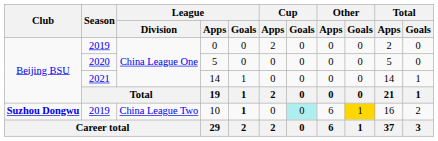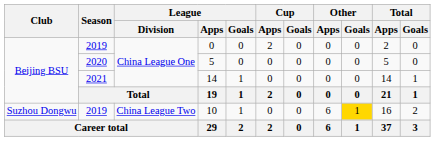 <table class="wikitable" style="text-align: center">
 <tr>
 <th rowspan="2">Club</th>
 <th rowspan="2">Season</th>
 <th colspan="3">League</th>
 <th colspan="2">Cup</th>
 <th colspan="2">Other</th>
 <th colspan="2">Total</th>
 </tr>
 <tr>
 <th>Division</th>
 <th>Apps</th>
 <th>Goals</th>
 <th>Apps</th>
 <th>Goals</th>
 <th>Apps</th>
 <th>Goals</th>
 <th>Apps</th>
 <th>Goals</th>
 </tr>
 <tr>
 <td rowspan="4"><a href='#'>Beijing BSU</a></td>
 <td><a href='#'>2019</a></td>
 <td rowspan="3"><a href='#'>China League One</a></td>
 <td>0</td>
 <td>0</td>
 <td>2</td>
 <td>0</td>
 <td>0</td>
 <td>0</td>
 <td>2</td>
 <td>0</td>
 </tr>
 <tr>
 <td><a href='#'>2020</a></td>
 <td>5</td>
 <td>0</td>
 <td>0</td>
 <td>0</td>
 <td>0</td>
 <td>0</td>
 <td>5</td>
 <td>0</td>
 </tr>
 <tr>
 <td><a href='#'>2021</a></td>
 <td>14</td>
 <td>1</td>
 <td>0</td>
 <td>0</td>
 <td>0</td>
 <td>0</td>
 <td>14</td>
 <td>1</td>
 </tr>
 <tr>
 <th colspan=2>Total</th>
 <th>19</th>
 <th>1</th>
 <th>2</th>
 <th>0</th>
 <th>0</th>
 <th>0</th>
 <th>21</th>
 <th>1</th>
 </tr>
 <tr>
-<td><strong><a href='#'>Suzhou Dongwu</a></strong></td>
+<td><a href='#'>Suzhou Dongwu</a></td>
 <td><a href='#'>2019</a></td>
 <td><a href='#'>China League Two</a></td>
 <td>10</td>
-<td><strong>1</strong></td>
+<td>1</td>
 <td>0</td>
-<td style="background: paleturquoise;">0</td>
+<td>0</td>
 <td>6</td>
 <td style="background: gold;">1</td>
 <td>16</td>
 <td>2</td>
 </tr>
 <tr>
 <th colspan=3>Career total</th>
 <th>29</th>
 <th>2</th>
 <th>2</th>
 <th>0</th>
 <th>6</th>
 <th>1</th>
 <th>37</th>
 <th>3</th>
 </tr>
 </table>
